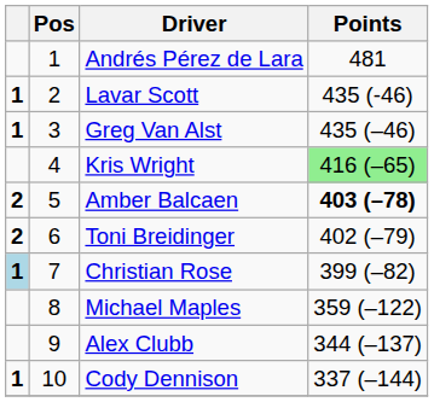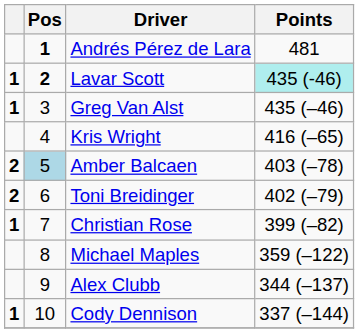 <table class="wikitable" style="font-size: 95%;">
 <tr>
 <th></th>
 <th>Pos</th>
 <th>Driver</th>
 <th>Points</th>
 </tr>
 <tr>
 <td align="left"></td>
-<td style="text-align:center;">1</td>
+<td style="text-align:center;"><strong>1</strong></td>
 <td><a href='#'>Andrés Pérez de Lara</a></td>
 <td style="text-align:center;">481</td>
 </tr>
 <tr>
 <td align="left"> <strong>1</strong></td>
-<td style="text-align:center;">2</td>
+<td style="text-align:center;"><strong>2</strong></td>
 <td><a href='#'>Lavar Scott</a></td>
-<td style="text-align:center;">435 (-46)</td>
+<td style="background: paleturquoise; text-align:center;">435 (-46)</td>
 </tr>
 <tr>
 <td align="left"> <strong>1</strong></td>
 <td style="text-align:center;">3</td>
 <td><a href='#'>Greg Van Alst</a></td>
 <td style="text-align:center;">435 (–46)</td>
 </tr>
 <tr>
 <td align="left"></td>
 <td style="text-align:center;">4</td>
 <td><a href='#'>Kris Wright</a></td>
-<td style="background: lightgreen; text-align:center;">416 (–65)</td>
+<td style="text-align:center;">416 (–65)</td>
 </tr>
 <tr>
 <td align="left"> <strong>2</strong></td>
-<td style="text-align:center;">5</td>
+<td style="background: lightblue; text-align:center;">5</td>
 <td><a href='#'>Amber Balcaen</a></td>
-<td style="text-align:center;"><strong>403 (–78)</strong></td>
+<td style="text-align:center;">403 (–78)</td>
 </tr>
 <tr>
 <td align="left"> <strong>2</strong></td>
 <td style="text-align:center;">6</td>
 <td><a href='#'>Toni Breidinger</a></td>
 <td style="text-align:center;">402 (–79)</td>
 </tr>
 <tr>
-<td align="left" style="background: lightblue;"> <strong>1</strong></td>
+<td align="left"> <strong>1</strong></td>
 <td style="text-align:center;">7</td>
 <td><a href='#'>Christian Rose</a></td>
 <td style="text-align:center;">399 (–82)</td>
 </tr>
 <tr>
 <td align="left"></td>
 <td style="text-align:center;">8</td>
 <td><a href='#'>Michael Maples</a></td>
 <td style="text-align:center;">359 (–122)</td>
 </tr>
 <tr>
 <td align="left"></td>
 <td style="text-align:center;">9</td>
 <td><a href='#'>Alex Clubb</a></td>
 <td style="text-align:center;">344 (–137)</td>
 </tr>
 <tr>
 <td align="left"> <strong>1</strong></td>
 <td style="text-align:center;">10</td>
 <td><a href='#'>Cody Dennison</a></td>
 <td style="text-align:center;">337 (–144)</td>
 </tr>
 <tr class="sortbottom">
 </tr>
 </table>
